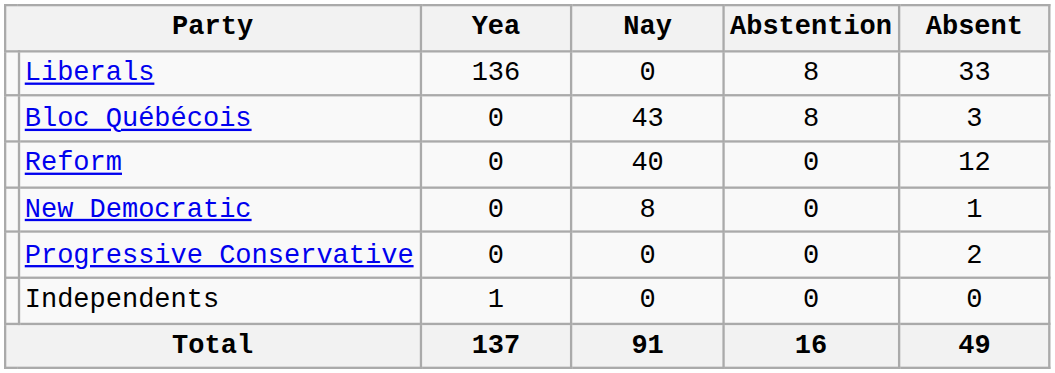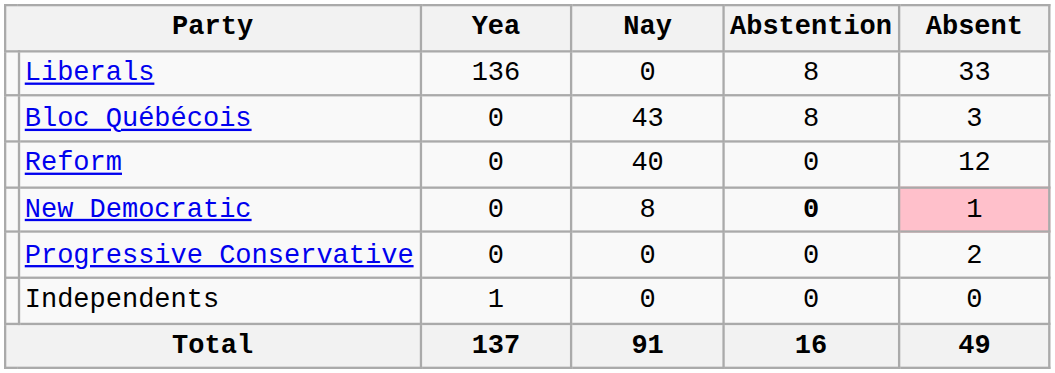 <table class="wikitable" align="center" style="text-align:center; font-size:90%">
 <tr>
 <th colspan="2">Party</th>
 <th width=60px>Yea</th>
 <th width=60px>Nay</th>
 <th width=60px>Abstention</th>
 <th width=60px>Absent</th>
 </tr>
 <tr>
 <td style="background:"></td>
 <td align="left"><a href='#'>Liberals</a></td>
 <td>136</td>
 <td>0</td>
 <td>8</td>
 <td>33</td>
 </tr>
 <tr>
 <td style="background:"></td>
 <td align="left"><a href='#'>Bloc Québécois</a></td>
 <td>0</td>
 <td>43</td>
 <td>8</td>
 <td>3</td>
 </tr>
 <tr>
 <td style="background:"></td>
 <td align="left"><a href='#'>Reform</a></td>
 <td>0</td>
 <td>40</td>
 <td>0</td>
 <td>12</td>
 </tr>
 <tr>
 <td style="background:"></td>
 <td align="left"><a href='#'>New Democratic</a></td>
 <td>0</td>
 <td>8</td>
-<td>0</td>
-<td>1</td>
+<td><strong>0</strong></td>
+<td style="background: pink;">1</td>
 </tr>
 <tr>
 <td style="background:"></td>
 <td align="left"><a href='#'>Progressive Conservative</a></td>
 <td>0</td>
 <td>0</td>
 <td>0</td>
 <td>2</td>
 </tr>
 <tr>
 <td style="background:"></td>
 <td align="left">Independents</td>
 <td>1</td>
 <td>0</td>
 <td>0</td>
 <td>0</td>
 </tr>
 <tr>
 <th colspan=2>Total</th>
 <th>137</th>
 <th>91</th>
 <th>16</th>
 <th>49</th>
 </tr>
 </table>
